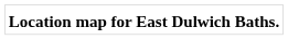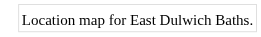 <table style="border:solid 1px #ddd;float:right;">
 <tr>
 <td></td>
 </tr>
 <tr>
-<td><strong>Location map for East Dulwich Baths.</strong></td>
+<td>Location map for East Dulwich Baths.</td>
 </tr>
 </table>
